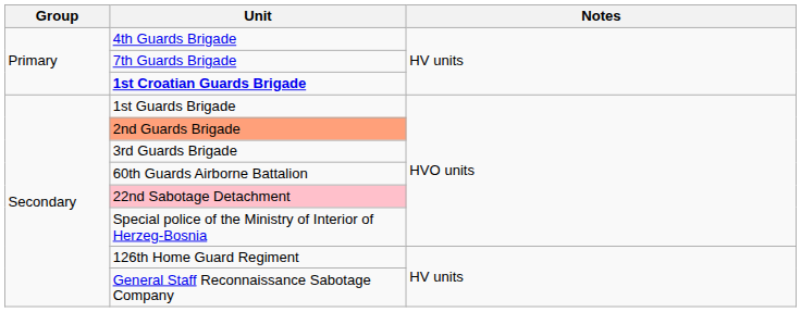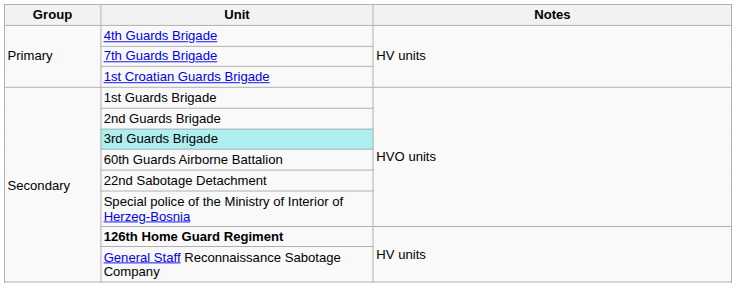 <table class="plainrowheaders wikitable collapsible collapsed" style="cellspacing=2px; text-align:left; font-size:90%;" width=800px>
 <tr style="font-size:100%; text-align:right;">
 <th style="width:100px;" scope="col">Group</th>
 <th style="width:300px;" scope="col">Unit</th>
 <th style="width:400px;" scope="col">Notes</th>
 </tr>
 <tr>
 <td rowspan=3>Primary</td>
 <td><a href='#'>4th Guards Brigade</a></td>
 <td rowspan=3>HV units</td>
 </tr>
 <tr>
 <td><a href='#'>7th Guards Brigade</a></td>
 </tr>
 <tr>
-<td><strong><a href='#'>1st Croatian Guards Brigade</a></strong></td>
+<td><a href='#'>1st Croatian Guards Brigade</a></td>
 </tr>
 <tr>
 <td rowspan=8>Secondary</td>
 <td>1st Guards Brigade</td>
 <td rowspan=6>HVO units</td>
 </tr>
 <tr>
-<td style="background: lightsalmon;">2nd Guards Brigade</td>
+<td>2nd Guards Brigade</td>
 </tr>
 <tr>
-<td>3rd Guards Brigade</td>
+<td style="background: paleturquoise;">3rd Guards Brigade</td>
 </tr>
 <tr>
 <td>60th Guards Airborne Battalion</td>
 </tr>
 <tr>
-<td style="background: pink;">22nd Sabotage Detachment</td>
+<td>22nd Sabotage Detachment</td>
 </tr>
 <tr>
 <td>Special police of the Ministry of Interior of <a href='#'>Herzeg-Bosnia</a></td>
 </tr>
 <tr>
-<td>126th Home Guard Regiment</td>
+<td><strong>126th Home Guard Regiment</strong></td>
 <td rowspan=2>HV units</td>
 </tr>
 <tr>
 <td><a href='#'>General Staff</a> Reconnaissance Sabotage Company</td>
 </tr>
 </table>
